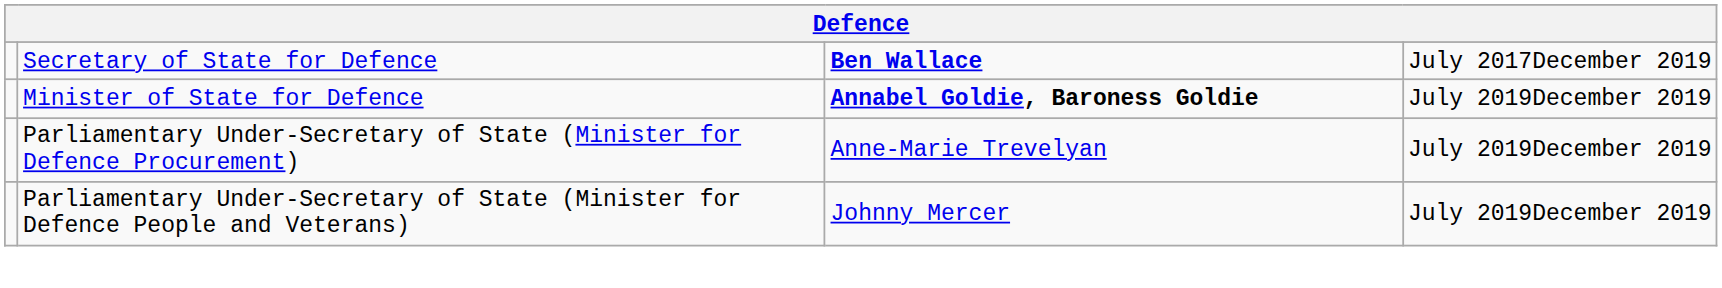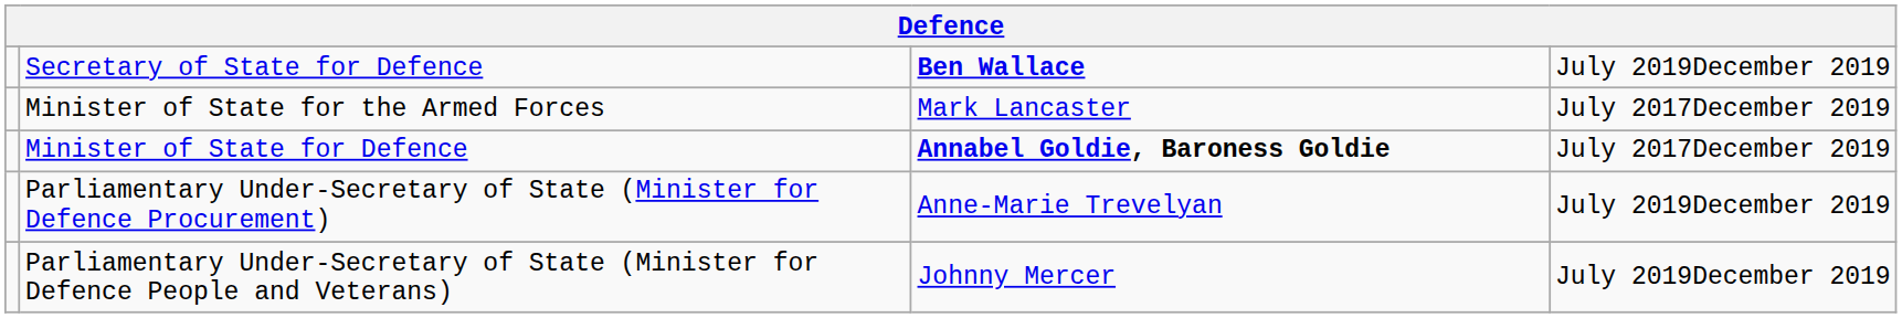 <table class="wikitable">
 <tr>
 <th colspan="4"><a href='#'>Defence</a></th>
 </tr>
 <tr>
 <td style="width: 1px; background: "></td>
 <td style="width: 450px;"><a href='#'>Secretary of State for Defence</a></td>
 <td style="width: 320px;"><strong><a href='#'>Ben Wallace</a></strong></td>
+<td>July 2019December 2019</td>
+</tr>
+<tr>
+<td style="width: 1px; background: "></td>
+<td style="width: 450px;">Minister of State for the Armed Forces</td>
+<td style="width: 320px;"><a href='#'>Mark Lancaster</a></td>
 <td>July 2017December 2019</td>
 </tr>
 <tr>
 <td style="width: 1px; background: "></td>
 <td style="width: 450px;"><a href='#'>Minister of State for Defence</a></td>
 <td style="width: 320px;"><strong><a href='#'>Annabel Goldie</a>, Baroness Goldie </strong></td>
-<td>July 2019December 2019</td>
+<td>July 2017December 2019</td>
 </tr>
 <tr>
 <td style="width: 1px; background: "></td>
 <td>Parliamentary Under-Secretary of State (<a href='#'>Minister for Defence Procurement</a>)</td>
 <td><a href='#'>Anne-Marie Trevelyan</a></td>
 <td>July 2019December 2019</td>
 </tr>
 <tr>
 <td style="width: 1px; background: "></td>
 <td>Parliamentary Under-Secretary of State (Minister for Defence People and Veterans)</td>
 <td><a href='#'>Johnny Mercer</a><br></td>
 <td>July 2019December 2019</td>
 </tr>
 </table>
